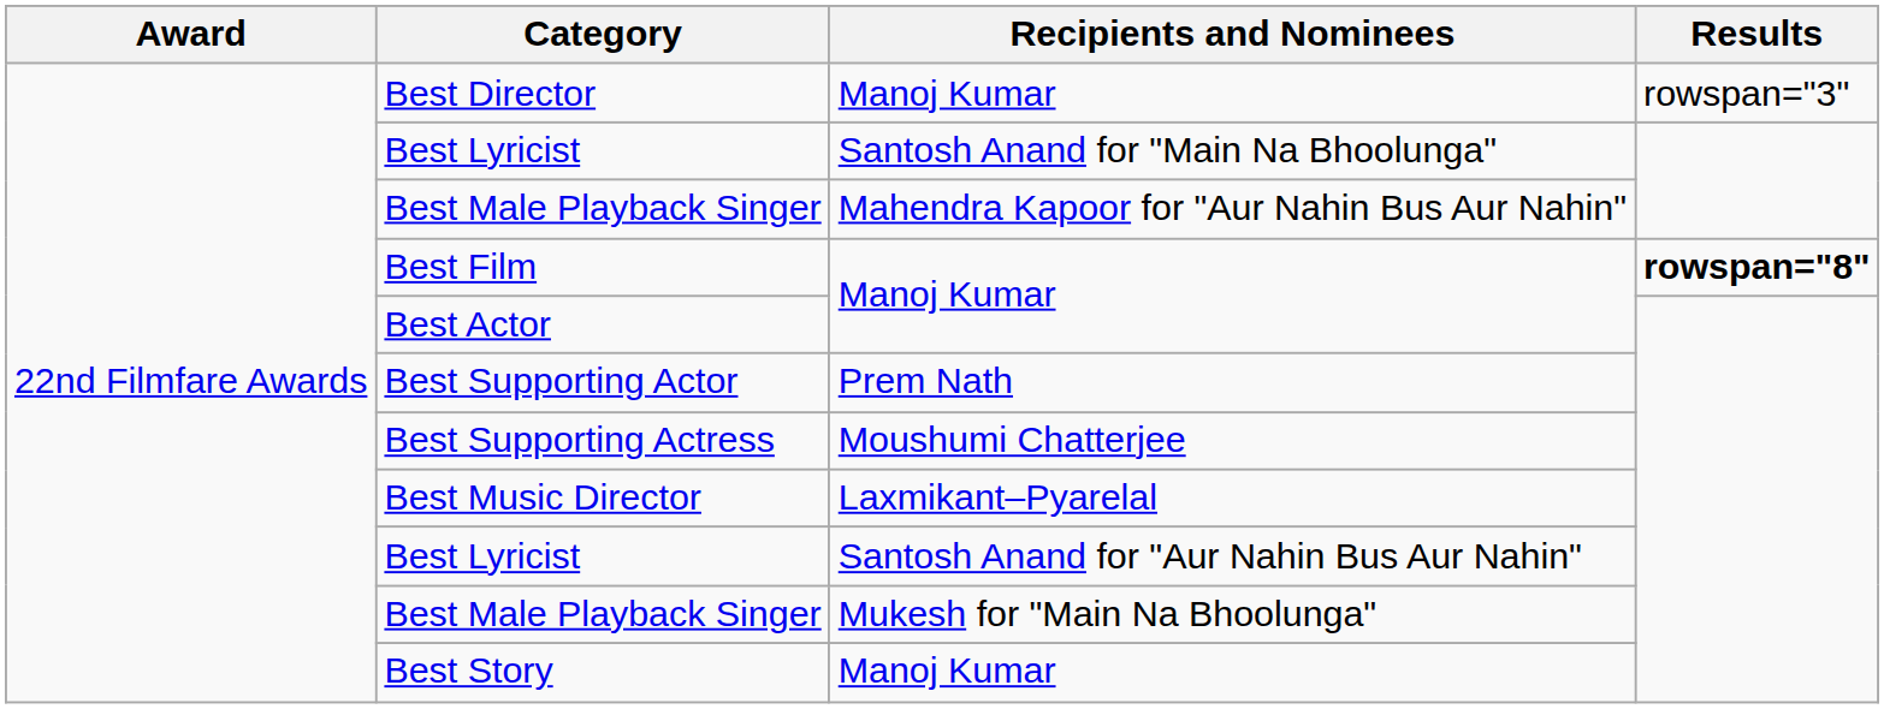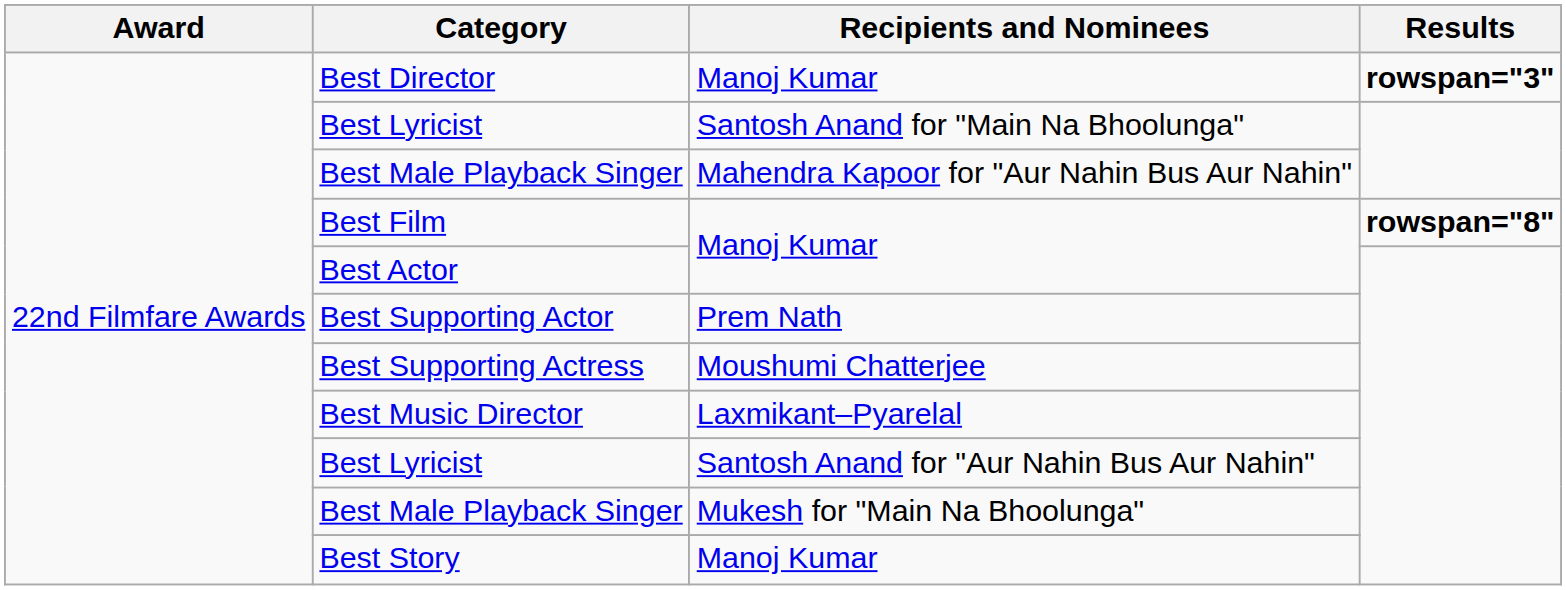 <table class="wikitable plainrowheaders sortable">
 <tr>
 <th>Award</th>
 <th>Category</th>
 <th>Recipients and Nominees</th>
 <th>Results</th>
 </tr>
 <tr>
 <td rowspan="11"><a href='#'>22nd Filmfare Awards</a></td>
 <td><a href='#'>Best Director</a></td>
 <td><a href='#'>Manoj Kumar</a></td>
-<td>rowspan="3" </td>
+<td><strong>rowspan="3" </strong></td>
 </tr>
 <tr>
 <td><a href='#'>Best Lyricist</a></td>
 <td><a href='#'>Santosh Anand</a> for "Main Na Bhoolunga"</td>
 </tr>
 <tr>
 <td><a href='#'>Best Male Playback Singer</a></td>
 <td><a href='#'>Mahendra Kapoor</a> for "Aur Nahin Bus Aur Nahin"</td>
 </tr>
 <tr>
 <td><a href='#'>Best Film</a></td>
 <td rowspan="2"><a href='#'>Manoj Kumar</a></td>
 <td><strong>rowspan="8" </strong></td>
 </tr>
 <tr>
 <td><a href='#'>Best Actor</a></td>
 </tr>
 <tr>
 <td><a href='#'>Best Supporting Actor</a></td>
 <td><a href='#'>Prem Nath</a></td>
 </tr>
 <tr>
 <td><a href='#'>Best Supporting Actress</a></td>
 <td><a href='#'>Moushumi Chatterjee</a></td>
 </tr>
 <tr>
 <td><a href='#'>Best Music Director</a></td>
 <td><a href='#'>Laxmikant–Pyarelal</a></td>
 </tr>
 <tr>
 <td><a href='#'>Best Lyricist</a></td>
 <td><a href='#'>Santosh Anand</a> for "Aur Nahin Bus Aur Nahin"</td>
 </tr>
 <tr>
 <td><a href='#'>Best Male Playback Singer</a></td>
 <td><a href='#'>Mukesh</a> for "Main Na Bhoolunga"</td>
 </tr>
 <tr>
 <td><a href='#'>Best Story</a></td>
 <td><a href='#'>Manoj Kumar</a></td>
 </tr>
 </table>
